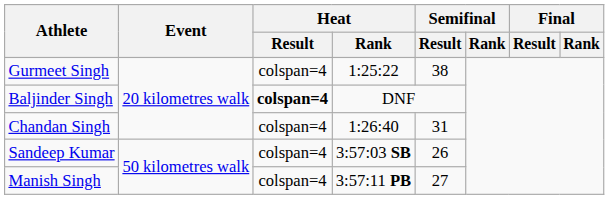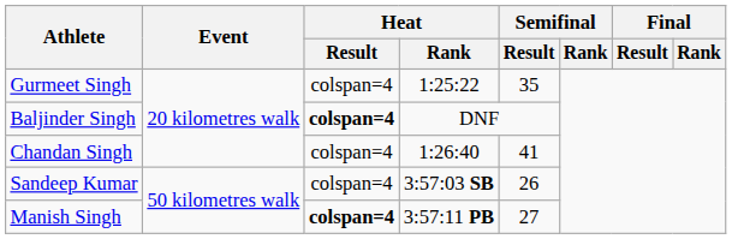 <table class="wikitable" style="font-size:90%">
 <tr>
 <th rowspan="2">Athlete</th>
 <th rowspan="2">Event</th>
 <th colspan="2">Heat</th>
 <th colspan="2">Semifinal</th>
 <th colspan="2">Final</th>
 </tr>
 <tr style="font-size:95%">
 <th>Result</th>
 <th>Rank</th>
 <th>Result</th>
 <th>Rank</th>
 <th>Result</th>
 <th>Rank</th>
 </tr>
 <tr style=text-align:center>
 <td style=text-align:left><a href='#'>Gurmeet Singh</a></td>
 <td style=text-align:left rowspan=3><a href='#'>20 kilometres walk</a></td>
 <td>colspan=4 </td>
 <td>1:25:22</td>
-<td>38</td>
+<td>35</td>
 </tr>
 <tr style=text-align:center>
 <td style=text-align:left><a href='#'>Baljinder Singh</a></td>
 <td><strong>colspan=4 </strong></td>
 <td colspan=2>DNF</td>
 </tr>
 <tr style=text-align:center>
 <td style=text-align:left><a href='#'>Chandan Singh</a></td>
 <td>colspan=4 </td>
 <td>1:26:40</td>
-<td>31</td>
+<td>41</td>
 </tr>
 <tr style=text-align:center>
 <td style=text-align:left><a href='#'>Sandeep Kumar</a></td>
 <td style=text-align:left rowspan=2><a href='#'>50 kilometres walk</a></td>
 <td>colspan=4 </td>
 <td>3:57:03 <strong>SB</strong></td>
 <td>26</td>
 </tr>
 <tr style=text-align:center>
 <td style=text-align:left><a href='#'>Manish Singh</a></td>
-<td>colspan=4 </td>
+<td><strong>colspan=4 </strong></td>
 <td>3:57:11 <strong>PB</strong></td>
 <td>27</td>
 </tr>
 </table>
